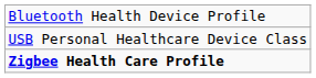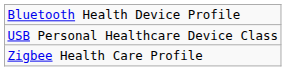 <table class="wikitable">
 <tr>
 <td><a href='#'>Bluetooth</a> Health Device Profile</td>
 </tr>
 <tr>
 <td><a href='#'>USB</a> Personal Healthcare Device Class</td>
 </tr>
 <tr>
-<td><strong><a href='#'>Zigbee</a> Health Care Profile</strong></td>
+<td><a href='#'>Zigbee</a> Health Care Profile</td>
 </tr>
 </table>
